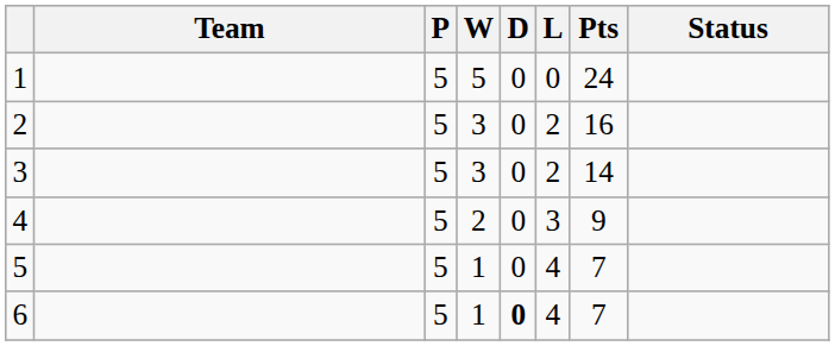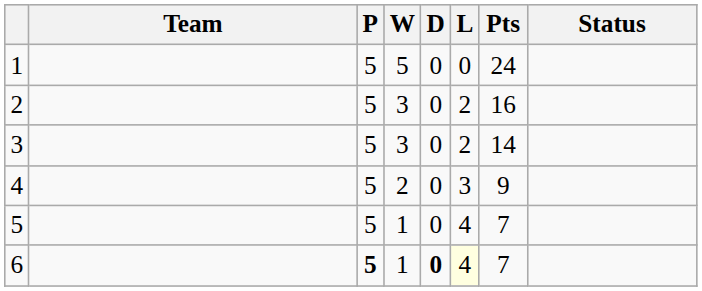 <table class="wikitable" style="text-align:center;">
 <tr>
 <th></th>
 <th width="200px">Team</th>
 <th>P</th>
 <th>W</th>
 <th>D</th>
 <th>L</th>
 <th width="23px">Pts</th>
 <th width="100px">Status</th>
 </tr>
 <tr>
 <td>1</td>
 <td></td>
 <td>5</td>
 <td>5</td>
 <td>0</td>
 <td>0</td>
 <td>24</td>
 <td></td>
 </tr>
 <tr>
 <td>2</td>
 <td></td>
 <td>5</td>
 <td>3</td>
 <td>0</td>
 <td>2</td>
 <td>16</td>
 <td></td>
 </tr>
 <tr>
 <td>3</td>
 <td></td>
 <td>5</td>
 <td>3</td>
 <td>0</td>
 <td>2</td>
 <td>14</td>
 <td></td>
 </tr>
 <tr>
 <td>4</td>
 <td></td>
 <td>5</td>
 <td>2</td>
 <td>0</td>
 <td>3</td>
 <td>9</td>
 <td></td>
 </tr>
 <tr>
 <td>5</td>
 <td></td>
 <td>5</td>
 <td>1</td>
 <td>0</td>
 <td>4</td>
 <td>7</td>
 </tr>
 <tr>
 <td>6</td>
 <td></td>
-<td>5</td>
+<td><strong>5</strong></td>
 <td>1</td>
 <td><strong>0</strong></td>
-<td>4</td>
+<td style="background: lightyellow;">4</td>
 <td>7</td>
 <td></td>
 </tr>
 </table>
